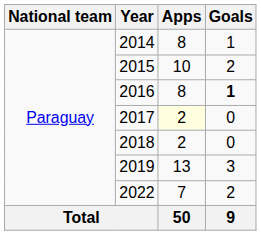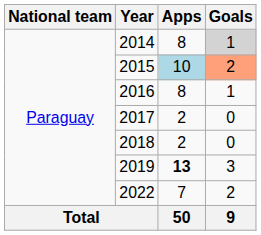 <table class="wikitable" style="text-align:center">
 <tr>
 <th>National team</th>
 <th>Year</th>
 <th>Apps</th>
 <th>Goals</th>
 </tr>
 <tr>
 <td rowspan="7"><a href='#'>Paraguay</a></td>
 <td>2014</td>
 <td>8</td>
-<td>1</td>
+<td style="background: lightgrey;">1</td>
 </tr>
 <tr>
 <td>2015</td>
-<td>10</td>
-<td>2</td>
+<td style="background: lightblue;">10</td>
+<td style="background: lightsalmon;">2</td>
 </tr>
 <tr>
 <td>2016</td>
 <td>8</td>
-<td><strong>1</strong></td>
+<td>1</td>
 </tr>
 <tr>
 <td>2017</td>
-<td style="background: lightyellow;">2</td>
+<td>2</td>
 <td>0</td>
 </tr>
 <tr>
 <td>2018</td>
 <td>2</td>
 <td>0</td>
 </tr>
 <tr>
 <td>2019</td>
-<td>13</td>
+<td><strong>13</strong></td>
 <td>3</td>
 </tr>
 <tr>
 <td>2022</td>
 <td>7</td>
 <td>2</td>
 </tr>
 <tr>
 <th colspan="2">Total</th>
 <th>50</th>
 <th>9</th>
 </tr>
 </table>
